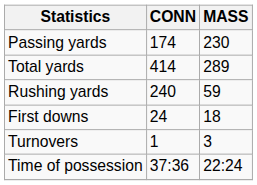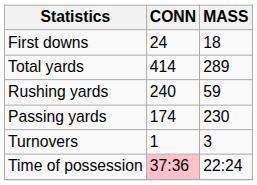 <table class="wikitable" style="float: left;">
 <tr>
 <th>Statistics</th>
 <th>CONN</th>
 <th>MASS</th>
 </tr>
 <tr>
-<td>Passing yards</td>
-<td>174</td>
-<td>230</td>
+<td>First downs</td>
+<td>24</td>
+<td>18</td>
 </tr>
 <tr>
 <td>Total yards</td>
 <td>414</td>
 <td>289</td>
 </tr>
 <tr>
 <td>Rushing yards</td>
 <td>240</td>
 <td>59</td>
 </tr>
 <tr>
-<td>First downs</td>
-<td>24</td>
-<td>18</td>
+<td>Passing yards</td>
+<td>174</td>
+<td>230</td>
 </tr>
 <tr>
 <td>Turnovers</td>
 <td>1</td>
 <td>3</td>
 </tr>
 <tr>
 <td>Time of possession</td>
-<td>37:36</td>
+<td style="background: pink;">37:36</td>
 <td>22:24</td>
 </tr>
 <tr>
 </tr>
 </table>
